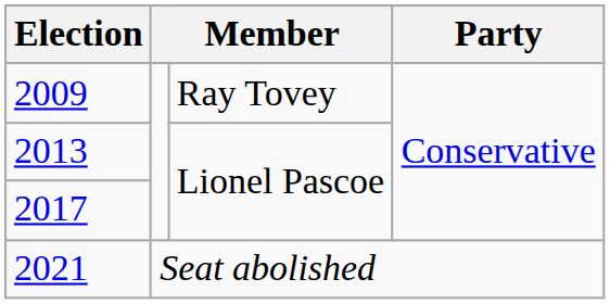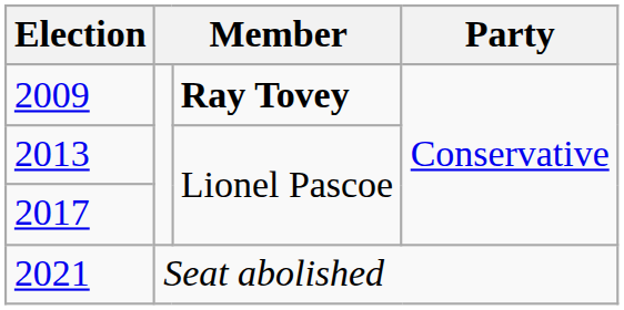 <table class="wikitable">
 <tr>
 <th>Election</th>
 <th colspan="2">Member</th>
 <th>Party</th>
 </tr>
 <tr>
 <td><a href='#'>2009</a></td>
 <td rowspan="3" style="background-color: "></td>
-<td rowspan="1">Ray Tovey</td>
+<td rowspan="1"><strong>Ray Tovey</strong></td>
 <td rowspan="3"><a href='#'>Conservative</a></td>
 </tr>
 <tr>
 <td><a href='#'>2013</a></td>
 <td rowspan="2">Lionel Pascoe</td>
 </tr>
 <tr>
 <td><a href='#'>2017</a></td>
 </tr>
 <tr>
 <td><a href='#'>2021</a></td>
 <td colspan="3"><em>Seat abolished</em></td>
 </tr>
 </table>
